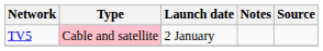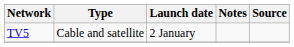 <table class="wikitable sortable">
 <tr>
 <th>Network</th>
 <th>Type</th>
 <th>Launch date</th>
 <th>Notes</th>
 <th>Source</th>
 </tr>
 <tr>
 <td><a href='#'>TV5</a></td>
-<td style="background: pink;">Cable and satellite</td>
+<td>Cable and satellite</td>
 <td>2 January</td>
 <td></td>
 <td></td>
 </tr>
 <tr>
 </tr>
 </table>
